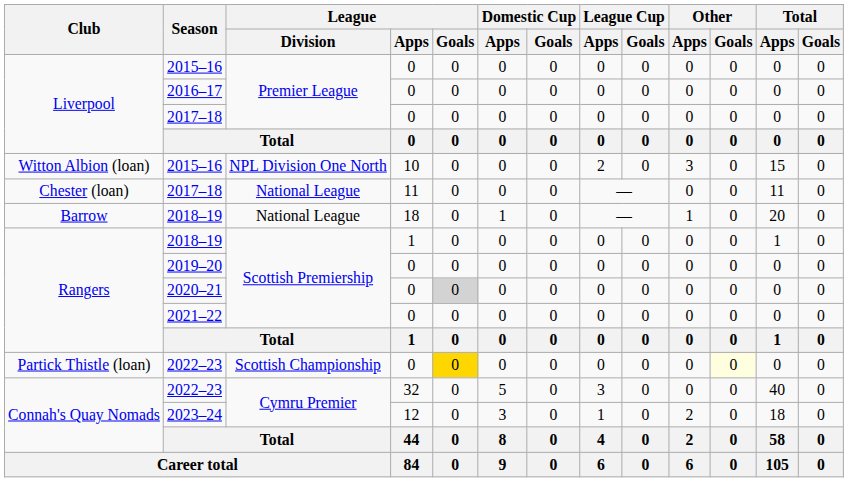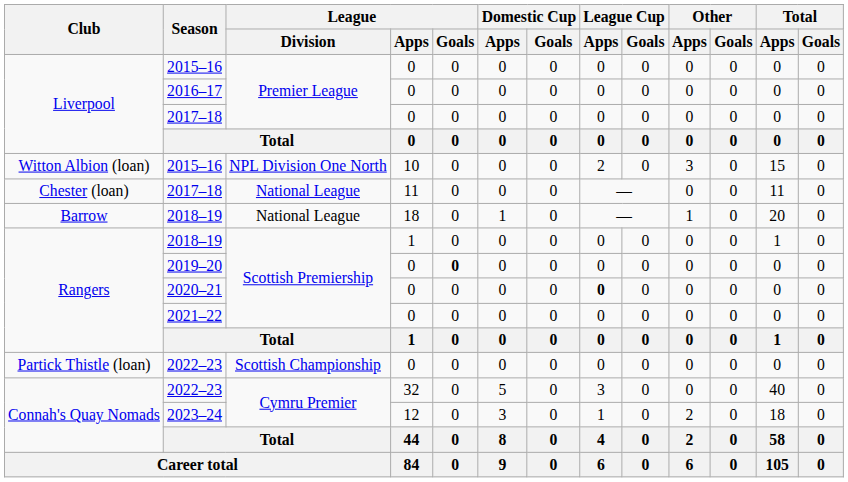 <table class="wikitable" style="text-align: center;">
 <tr>
 <th rowspan="2">Club</th>
 <th rowspan="2">Season</th>
 <th colspan="3">League</th>
 <th colspan="2">Domestic Cup</th>
 <th colspan="2">League Cup</th>
 <th colspan="2">Other</th>
 <th colspan="2">Total</th>
 </tr>
 <tr>
 <th>Division</th>
 <th>Apps</th>
 <th>Goals</th>
 <th>Apps</th>
 <th>Goals</th>
 <th>Apps</th>
 <th>Goals</th>
 <th>Apps</th>
 <th>Goals</th>
 <th>Apps</th>
 <th>Goals</th>
 </tr>
 <tr>
 <td rowspan="4"><a href='#'>Liverpool</a></td>
 <td><a href='#'>2015–16</a></td>
 <td rowspan="3"><a href='#'>Premier League</a></td>
 <td>0</td>
 <td>0</td>
 <td>0</td>
 <td>0</td>
 <td>0</td>
 <td>0</td>
 <td>0</td>
 <td>0</td>
 <td>0</td>
 <td>0</td>
 </tr>
 <tr>
 <td><a href='#'>2016–17</a></td>
 <td>0</td>
 <td>0</td>
 <td>0</td>
 <td>0</td>
 <td>0</td>
 <td>0</td>
 <td>0</td>
 <td>0</td>
 <td>0</td>
 <td>0</td>
 </tr>
 <tr>
 <td><a href='#'>2017–18</a></td>
 <td>0</td>
 <td>0</td>
 <td>0</td>
 <td>0</td>
 <td>0</td>
 <td>0</td>
 <td>0</td>
 <td>0</td>
 <td>0</td>
 <td>0</td>
 </tr>
 <tr>
 <th colspan="2">Total</th>
 <th>0</th>
 <th>0</th>
 <th>0</th>
 <th>0</th>
 <th>0</th>
 <th>0</th>
 <th>0</th>
 <th>0</th>
 <th>0</th>
 <th>0</th>
 </tr>
 <tr>
 <td><a href='#'>Witton Albion</a> (loan)</td>
 <td><a href='#'>2015–16</a></td>
 <td><a href='#'>NPL Division One North</a></td>
 <td>10</td>
 <td>0</td>
 <td>0</td>
 <td>0</td>
 <td>2</td>
 <td>0</td>
 <td>3</td>
 <td>0</td>
 <td>15</td>
 <td>0</td>
 </tr>
 <tr>
 <td><a href='#'>Chester</a> (loan)</td>
 <td><a href='#'>2017–18</a></td>
 <td><a href='#'>National League</a></td>
 <td>11</td>
 <td>0</td>
 <td>0</td>
 <td>0</td>
 <td colspan="2">—</td>
 <td>0</td>
 <td>0</td>
 <td>11</td>
 <td>0</td>
 </tr>
 <tr>
 <td><a href='#'>Barrow</a></td>
 <td><a href='#'>2018–19</a></td>
 <td>National League</td>
 <td>18</td>
 <td>0</td>
 <td>1</td>
 <td>0</td>
 <td colspan="2">—</td>
 <td>1</td>
 <td>0</td>
 <td>20</td>
 <td>0</td>
 </tr>
 <tr>
 <td rowspan="5"><a href='#'>Rangers</a></td>
 <td><a href='#'>2018–19</a></td>
 <td rowspan="4"><a href='#'>Scottish Premiership</a></td>
 <td>1</td>
 <td>0</td>
 <td>0</td>
 <td>0</td>
 <td>0</td>
 <td>0</td>
 <td>0</td>
 <td>0</td>
 <td>1</td>
 <td>0</td>
 </tr>
 <tr>
 <td><a href='#'>2019–20</a></td>
 <td>0</td>
-<td>0</td>
+<td><strong>0</strong></td>
 <td>0</td>
 <td>0</td>
 <td>0</td>
 <td>0</td>
 <td>0</td>
 <td>0</td>
 <td>0</td>
 <td>0</td>
 </tr>
 <tr>
 <td><a href='#'>2020–21</a></td>
 <td>0</td>
-<td style="background: lightgrey;">0</td>
 <td>0</td>
 <td>0</td>
 <td>0</td>
+<td><strong>0</strong></td>
 <td>0</td>
 <td>0</td>
 <td>0</td>
 <td>0</td>
 <td>0</td>
 </tr>
 <tr>
 <td><a href='#'>2021–22</a></td>
 <td>0</td>
 <td>0</td>
 <td>0</td>
 <td>0</td>
 <td>0</td>
 <td>0</td>
 <td>0</td>
 <td>0</td>
 <td>0</td>
 <td>0</td>
 </tr>
 <tr>
 <th colspan="2">Total</th>
 <th>1</th>
 <th>0</th>
 <th>0</th>
 <th>0</th>
 <th>0</th>
 <th>0</th>
 <th>0</th>
 <th>0</th>
 <th>1</th>
 <th>0</th>
 </tr>
 <tr>
 <td><a href='#'>Partick Thistle</a> (loan)</td>
 <td><a href='#'>2022–23</a></td>
 <td><a href='#'>Scottish Championship</a></td>
 <td>0</td>
-<td style="background: gold;">0</td>
 <td>0</td>
 <td>0</td>
 <td>0</td>
 <td>0</td>
 <td>0</td>
-<td style="background: lightyellow;">0</td>
+<td>0</td>
+<td>0</td>
 <td>0</td>
 <td>0</td>
 </tr>
 <tr>
 <td rowspan="3"><a href='#'>Connah's Quay Nomads</a></td>
 <td><a href='#'>2022–23</a></td>
 <td rowspan="2"><a href='#'>Cymru Premier</a></td>
 <td>32</td>
 <td>0</td>
 <td>5</td>
 <td>0</td>
 <td>3</td>
 <td>0</td>
 <td>0</td>
 <td>0</td>
 <td>40</td>
 <td>0</td>
 </tr>
 <tr>
 <td><a href='#'>2023–24</a></td>
 <td>12</td>
 <td>0</td>
 <td>3</td>
 <td>0</td>
 <td>1</td>
 <td>0</td>
 <td>2</td>
 <td>0</td>
 <td>18</td>
 <td>0</td>
 </tr>
 <tr>
 <th colspan="2">Total</th>
 <th>44</th>
 <th>0</th>
 <th>8</th>
 <th>0</th>
 <th>4</th>
 <th>0</th>
 <th>2</th>
 <th>0</th>
 <th>58</th>
 <th>0</th>
 </tr>
 <tr>
 <th colspan="3">Career total</th>
 <th>84</th>
 <th>0</th>
 <th>9</th>
 <th>0</th>
 <th>6</th>
 <th>0</th>
 <th>6</th>
 <th>0</th>
 <th>105</th>
 <th>0</th>
 </tr>
 </table>
